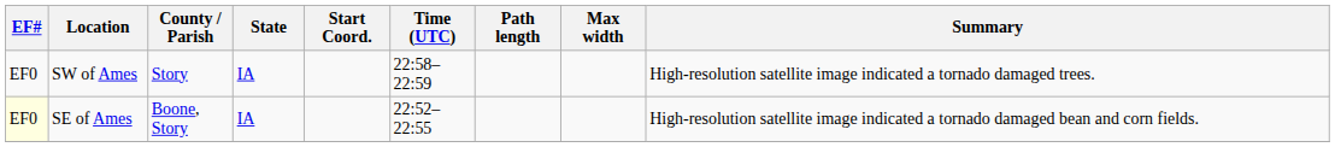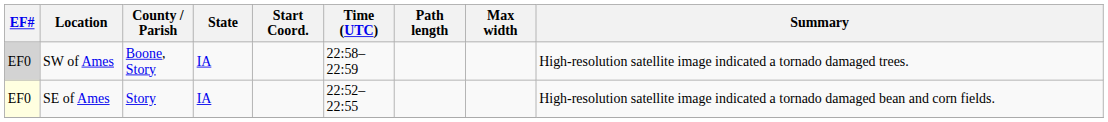 <table class="wikitable sortable" style="width:100%;">
 <tr>
 <th scope="col"  style="width:3%; text-align:center;"><a href='#'>EF#</a></th>
 <th scope="col"  style="width:7%; text-align:center;" class="unsortable">Location</th>
 <th scope="col"  style="width:6%; text-align:center;" class="unsortable">County / Parish</th>
 <th scope="col"  style="width:5%; text-align:center;">State</th>
 <th scope="col"  style="width:6%; text-align:center;">Start Coord.</th>
 <th scope="col"  style="width:6%; text-align:center;">Time (<a href='#'>UTC</a>)</th>
 <th scope="col"  style="width:6%; text-align:center;">Path length</th>
 <th scope="col"  style="width:6%; text-align:center;">Max width</th>
 <th scope="col" class="unsortable" style="width:48%; text-align:center;">Summary</th>
 </tr>
 <tr>
-<td>EF0</td>
+<td style="background: lightgrey;">EF0</td>
 <td>SW of <a href='#'>Ames</a></td>
-<td><a href='#'>Story</a></td>
+<td><a href='#'>Boone</a>, <a href='#'>Story</a></td>
 <td><a href='#'>IA</a></td>
 <td></td>
 <td>22:58–22:59</td>
 <td></td>
 <td></td>
 <td>High-resolution satellite image indicated a tornado damaged trees.</td>
 </tr>
 <tr>
 <td style="background: lightyellow;">EF0</td>
 <td>SE of <a href='#'>Ames</a></td>
-<td><a href='#'>Boone</a>, <a href='#'>Story</a></td>
+<td><a href='#'>Story</a></td>
 <td><a href='#'>IA</a></td>
 <td></td>
 <td>22:52–22:55</td>
 <td></td>
 <td></td>
 <td>High-resolution satellite image indicated a tornado damaged bean and corn fields.</td>
 </tr>
 <tr>
 </tr>
 </table>
